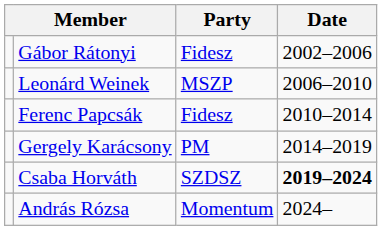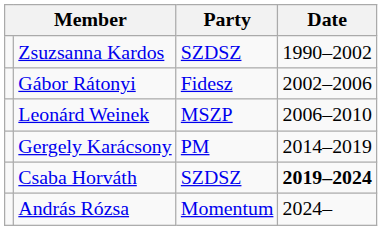 <table class=wikitable>
 <tr>
 <th colspan=2>Member</th>
 <th>Party</th>
 <th>Date</th>
+</tr>
+<tr>
+<td style="background-color:"></td>
+<td><a href='#'>Zsuzsanna Kardos</a></td>
+<td><a href='#'>SZDSZ</a></td>
+<td>1990–2002</td>
 </tr>
 <tr>
 <td style="background-color:"></td>
 <td><a href='#'>Gábor Rátonyi</a></td>
 <td><a href='#'>Fidesz</a></td>
 <td>2002–2006</td>
 </tr>
 <tr>
 <td style="background-color:"></td>
 <td><a href='#'>Leonárd Weinek</a></td>
 <td><a href='#'>MSZP</a></td>
 <td>2006–2010</td>
-</tr>
-<tr>
-<td style="background-color:"></td>
-<td><a href='#'>Ferenc Papcsák</a></td>
-<td><a href='#'>Fidesz</a></td>
-<td>2010–2014</td>
 </tr>
 <tr>
 <td style="background-color:"></td>
 <td><a href='#'>Gergely Karácsony</a></td>
 <td><a href='#'>PM</a></td>
 <td>2014–2019</td>
 </tr>
 <tr>
 <td style="background-color:"></td>
 <td><a href='#'>Csaba Horváth</a></td>
 <td><a href='#'>SZDSZ</a></td>
 <td><strong>2019–2024</strong></td>
 </tr>
 <tr>
 <td style="background-color:"></td>
 <td><a href='#'>András Rózsa</a></td>
 <td><a href='#'>Momentum</a></td>
 <td>2024–</td>
 </tr>
 </table>
